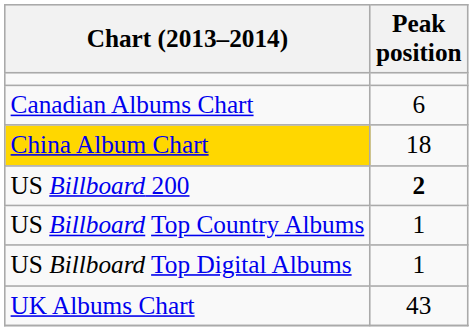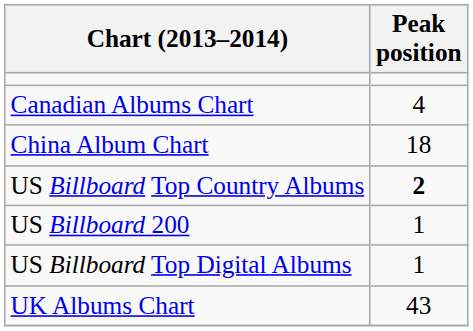 <table class="wikitable sortable">
 <tr>
 <th>Chart (2013–2014)</th>
 <th>Peak<br>position</th>
 </tr>
 <tr>
 <td></td>
 </tr>
 <tr>
 <td><a href='#'>Canadian Albums Chart</a></td>
-<td align="center">6</td>
+<td align="center">4</td>
 </tr>
 <tr>
-<td style="background: gold;"><a href='#'>China Album Chart</a></td>
+<td><a href='#'>China Album Chart</a></td>
 <td align="center">18</td>
 </tr>
 <tr>
-<td>US <a href='#'><em>Billboard</em> 200</a></td>
+<td>US <em><a href='#'>Billboard</a></em> <a href='#'>Top Country Albums</a></td>
 <td align="center"><strong>2</strong></td>
 </tr>
 <tr>
-<td>US <em><a href='#'>Billboard</a></em> <a href='#'>Top Country Albums</a></td>
+<td>US <a href='#'><em>Billboard</em> 200</a></td>
 <td align="center">1</td>
 </tr>
 <tr>
 <td>US <em>Billboard</em> <a href='#'>Top Digital Albums</a></td>
 <td align="center">1</td>
 </tr>
 <tr>
 <td><a href='#'>UK Albums Chart</a></td>
 <td style="text-align:center;">43</td>
 </tr>
 <tr>
 </tr>
 </table>
